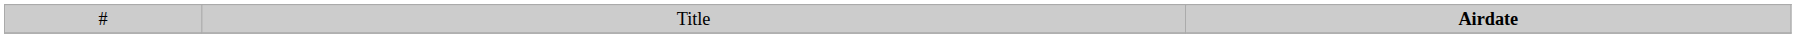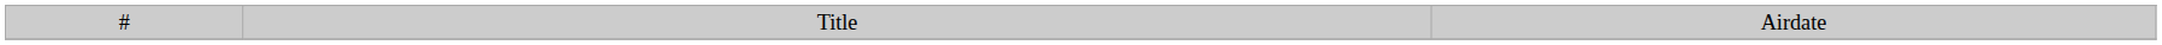 <table class="wikitable plainrowheaders">
 <tr>
 </tr>
 <tr bgcolor=#CCCCCC>
 <td align="center" width="1%">#</td>
 <td align="center" width="5%">Title </td>
-<td align="center" width="3%"><strong>Airdate </strong></td>
+<td align="center" width="3%">Airdate </td>
 </tr>
 <tr>
 </tr>
 </table>
